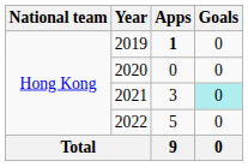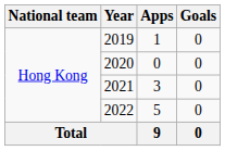 <table class="wikitable" style="text-align:center">
 <tr>
 <th>National team</th>
 <th>Year</th>
 <th>Apps</th>
 <th>Goals</th>
 </tr>
 <tr>
 <td rowspan="4"><a href='#'>Hong Kong</a></td>
 <td>2019</td>
-<td><strong>1</strong></td>
+<td>1</td>
 <td>0</td>
 </tr>
 <tr>
 <td>2020</td>
 <td>0</td>
 <td>0</td>
 </tr>
 <tr>
 <td>2021</td>
 <td>3</td>
-<td style="background: paleturquoise;">0</td>
+<td>0</td>
 </tr>
 <tr>
 <td>2022</td>
 <td>5</td>
 <td>0</td>
 </tr>
 <tr>
 <th colspan=2>Total</th>
 <th>9</th>
 <th>0</th>
 </tr>
 </table>
